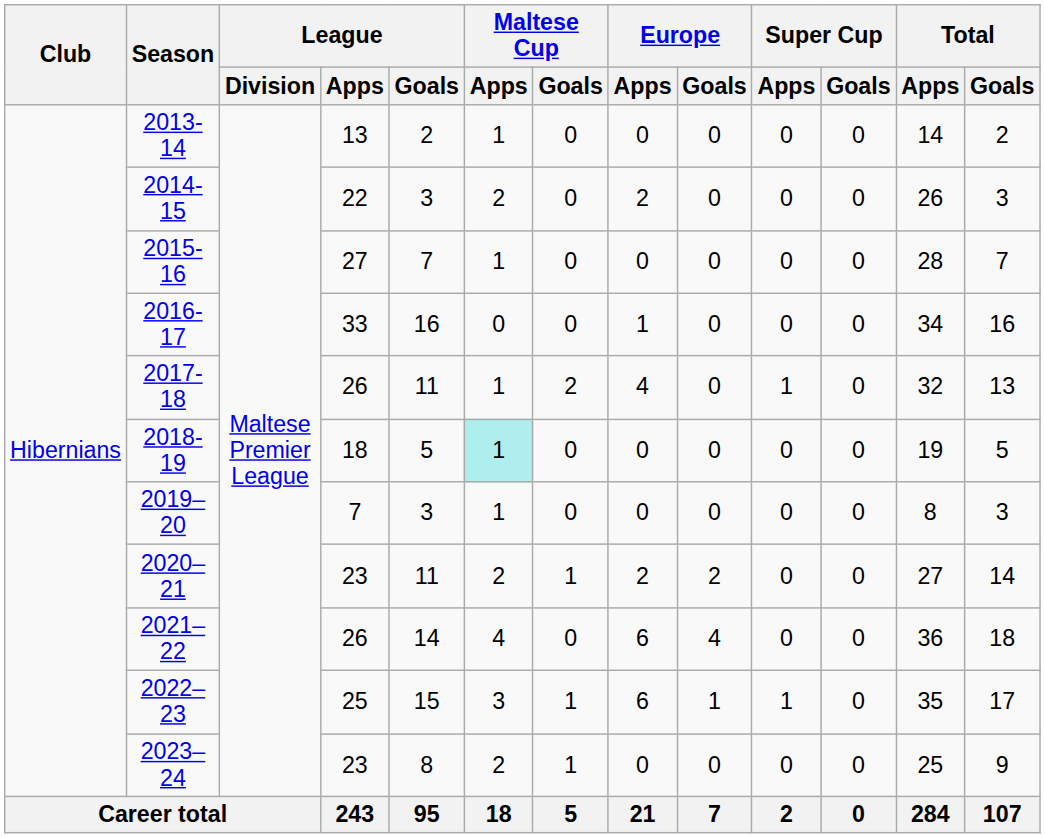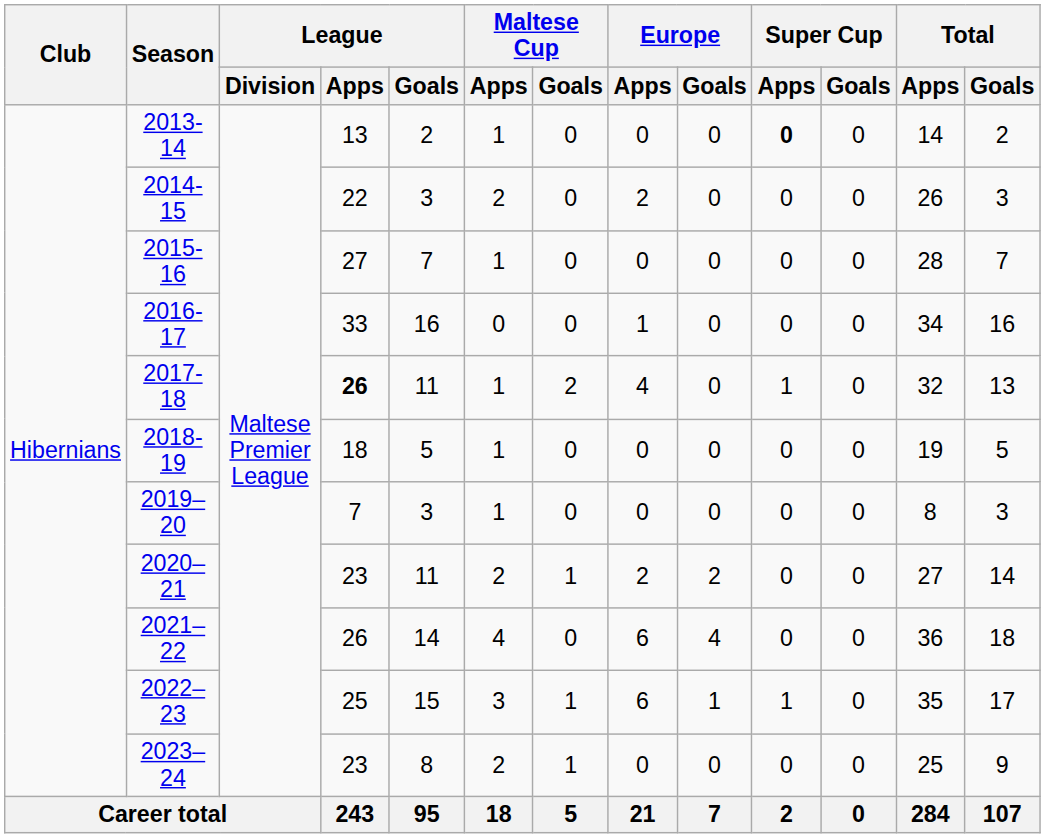 <table class="wikitable" style="text-align: center">
 <tr>
 <th rowspan="2">Club</th>
 <th rowspan="2">Season</th>
 <th colspan="3">League</th>
 <th colspan="2"><a href='#'>Maltese Cup</a></th>
 <th colspan="2"><a href='#'>Europe</a></th>
 <th colspan="2">Super Cup</th>
 <th colspan="2">Total</th>
 </tr>
 <tr>
 <th>Division</th>
 <th>Apps</th>
 <th>Goals</th>
 <th>Apps</th>
 <th>Goals</th>
 <th>Apps</th>
 <th>Goals</th>
 <th>Apps</th>
 <th>Goals</th>
 <th>Apps</th>
 <th>Goals</th>
 </tr>
 <tr>
 <td rowspan="11"><a href='#'>Hibernians</a></td>
 <td><a href='#'>2013-14</a></td>
 <td rowspan="11"><a href='#'>Maltese Premier League</a></td>
 <td>13</td>
 <td>2</td>
 <td>1</td>
 <td>0</td>
 <td>0</td>
 <td>0</td>
-<td>0</td>
+<td><strong>0</strong></td>
 <td>0</td>
 <td>14</td>
 <td>2</td>
 </tr>
 <tr>
 <td><a href='#'>2014-15</a></td>
 <td>22</td>
 <td>3</td>
 <td>2</td>
 <td>0</td>
 <td>2</td>
 <td>0</td>
 <td>0</td>
 <td>0</td>
 <td>26</td>
 <td>3</td>
 </tr>
 <tr>
 <td><a href='#'>2015-16</a></td>
 <td>27</td>
 <td>7</td>
 <td>1</td>
 <td>0</td>
 <td>0</td>
 <td>0</td>
 <td>0</td>
 <td>0</td>
 <td>28</td>
 <td>7</td>
 </tr>
 <tr>
 <td><a href='#'>2016-17</a></td>
 <td>33</td>
 <td>16</td>
 <td>0</td>
 <td>0</td>
 <td>1</td>
 <td>0</td>
 <td>0</td>
 <td>0</td>
 <td>34</td>
 <td>16</td>
 </tr>
 <tr>
 <td><a href='#'>2017-18</a></td>
-<td>26</td>
+<td><strong>26</strong></td>
 <td>11</td>
 <td>1</td>
 <td>2</td>
 <td>4</td>
 <td>0</td>
 <td>1</td>
 <td>0</td>
 <td>32</td>
 <td>13</td>
 </tr>
 <tr>
 <td><a href='#'>2018-19</a></td>
 <td>18</td>
 <td>5</td>
-<td style="background: paleturquoise;">1</td>
+<td>1</td>
 <td>0</td>
 <td>0</td>
 <td>0</td>
 <td>0</td>
 <td>0</td>
 <td>19</td>
 <td>5</td>
 </tr>
 <tr>
 <td><a href='#'>2019–20</a></td>
 <td>7</td>
 <td>3</td>
 <td>1</td>
 <td>0</td>
 <td>0</td>
 <td>0</td>
 <td>0</td>
 <td>0</td>
 <td>8</td>
 <td>3</td>
 </tr>
 <tr>
 <td><a href='#'>2020–21</a></td>
 <td>23</td>
 <td>11</td>
 <td>2</td>
 <td>1</td>
 <td>2</td>
 <td>2</td>
 <td>0</td>
 <td>0</td>
 <td>27</td>
 <td>14</td>
 </tr>
 <tr>
 <td><a href='#'>2021–22</a></td>
 <td>26</td>
 <td>14</td>
 <td>4</td>
 <td>0</td>
 <td>6</td>
 <td>4</td>
 <td>0</td>
 <td>0</td>
 <td>36</td>
 <td>18</td>
 </tr>
 <tr>
 <td><a href='#'>2022–23</a></td>
 <td>25</td>
 <td>15</td>
 <td>3</td>
 <td>1</td>
 <td>6</td>
 <td>1</td>
 <td>1</td>
 <td>0</td>
 <td>35</td>
 <td>17</td>
 </tr>
 <tr>
 <td><a href='#'>2023–24</a></td>
 <td>23</td>
 <td>8</td>
 <td>2</td>
 <td>1</td>
 <td>0</td>
 <td>0</td>
 <td>0</td>
 <td>0</td>
 <td>25</td>
 <td>9</td>
 </tr>
 <tr>
 <th colspan="3">Career total</th>
 <th>243</th>
 <th>95</th>
 <th>18</th>
 <th>5</th>
 <th>21</th>
 <th>7</th>
 <th>2</th>
 <th>0</th>
 <th>284</th>
 <th>107</th>
 </tr>
 </table>
